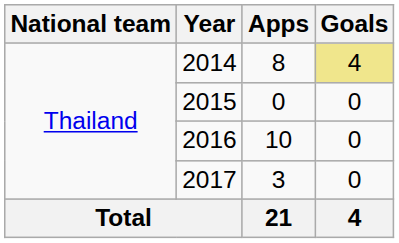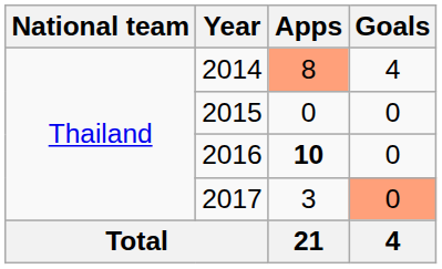 <table class="wikitable" style="text-align:center">
 <tr>
 <th>National team</th>
 <th>Year</th>
 <th>Apps</th>
 <th>Goals</th>
 </tr>
 <tr>
 <td rowspan="4" valign="center"><a href='#'>Thailand</a></td>
 <td>2014</td>
-<td>8</td>
-<td style="background: khaki;">4</td>
+<td style="background: lightsalmon;">8</td>
+<td>4</td>
 </tr>
 <tr>
 <td>2015</td>
 <td>0</td>
 <td>0</td>
 </tr>
 <tr>
 <td>2016</td>
-<td>10</td>
+<td><strong>10</strong></td>
 <td>0</td>
 </tr>
 <tr>
 <td>2017</td>
 <td>3</td>
-<td>0</td>
+<td style="background: lightsalmon;">0</td>
 </tr>
 <tr>
 <th colspan="2">Total</th>
 <th>21</th>
 <th>4</th>
 </tr>
 </table>
